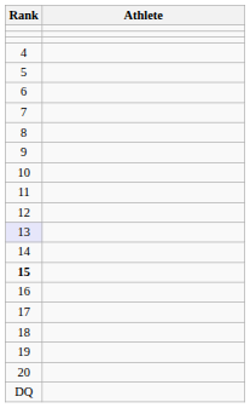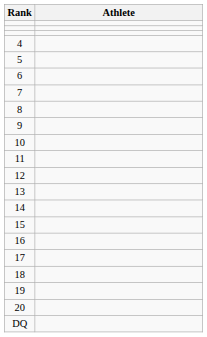 <table class="wikitable" style="text-align: center;">
 <tr>
 <th width=40>Rank</th>
 <th width=250>Athlete</th>
 </tr>
 <tr>
 <td></td>
 <td align="left"></td>
 </tr>
 <tr>
 <td></td>
 <td align="left"></td>
 </tr>
 <tr>
 <td></td>
 <td align="left"></td>
 </tr>
 <tr>
 <td>4</td>
 <td align="left"></td>
 </tr>
 <tr>
 <td>5</td>
 <td align="left"></td>
 </tr>
 <tr>
 <td>6</td>
 <td align="left"></td>
 </tr>
 <tr>
 <td>7</td>
 <td align="left"></td>
 </tr>
 <tr>
 <td>8</td>
 <td align="left"></td>
 </tr>
 <tr>
 <td>9</td>
 <td align="left"></td>
 </tr>
 <tr>
 <td>10</td>
 <td align="left"></td>
 </tr>
 <tr>
 <td>11</td>
 <td align="left"></td>
 </tr>
 <tr>
 <td>12</td>
 <td align="left"></td>
 </tr>
 <tr>
-<td style="background: lavender;">13</td>
+<td>13</td>
 <td align="left"></td>
 </tr>
 <tr>
 <td>14</td>
 <td align="left"></td>
 </tr>
 <tr>
-<td><strong>15</strong></td>
+<td>15</td>
 <td align="left"></td>
 </tr>
 <tr>
 <td>16</td>
 <td align="left"></td>
 </tr>
 <tr>
 <td>17</td>
 <td align="left"></td>
 </tr>
 <tr>
 <td>18</td>
 <td align="left"></td>
 </tr>
 <tr>
 <td>19</td>
 <td align="left"></td>
 </tr>
 <tr>
 <td>20</td>
 <td align="left"></td>
 </tr>
 <tr>
 <td>DQ</td>
 <td align="left"></td>
 </tr>
 </table>
